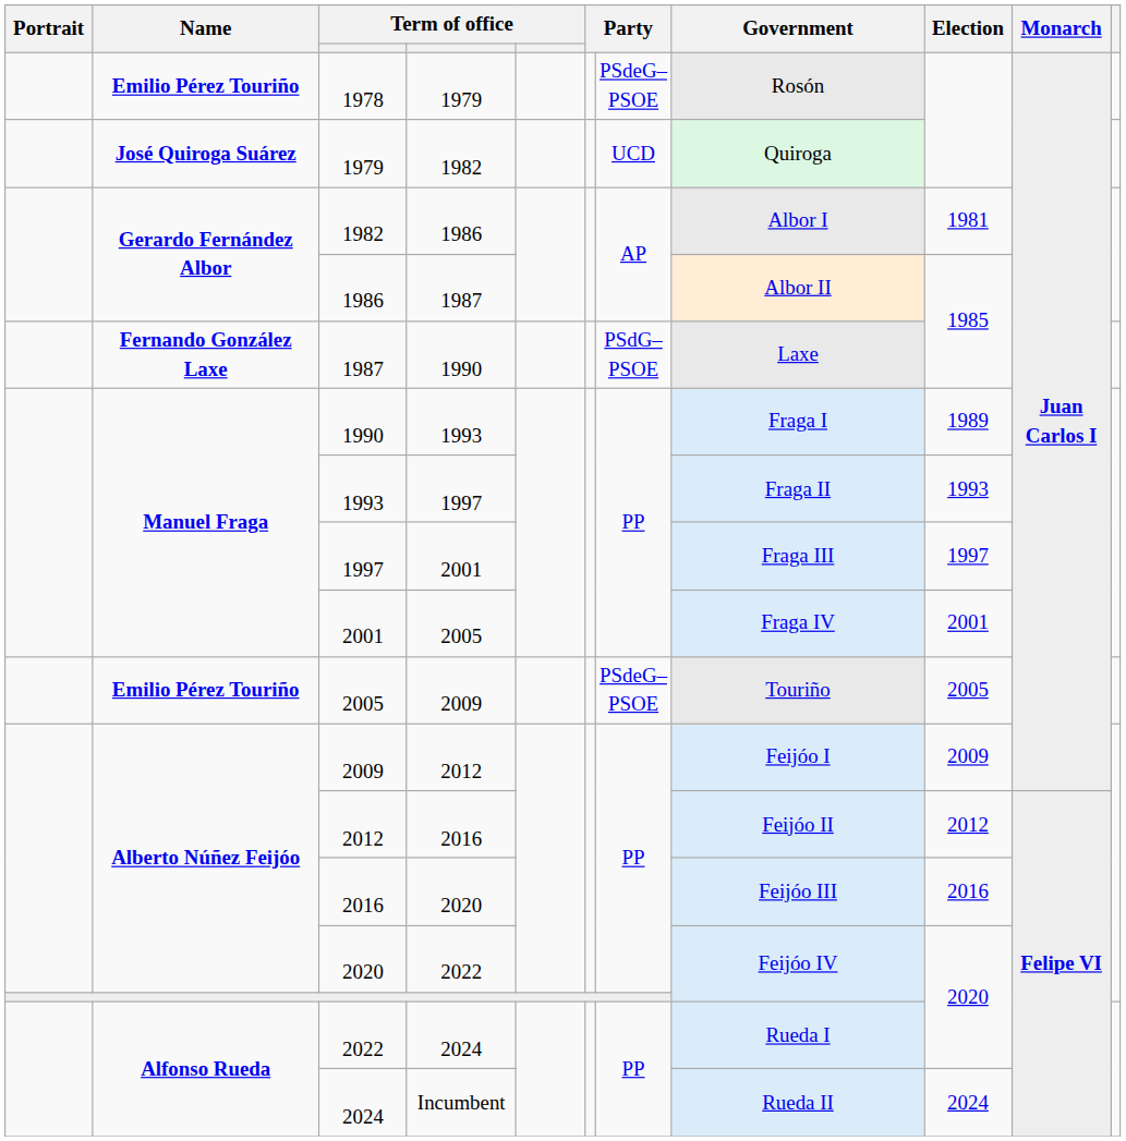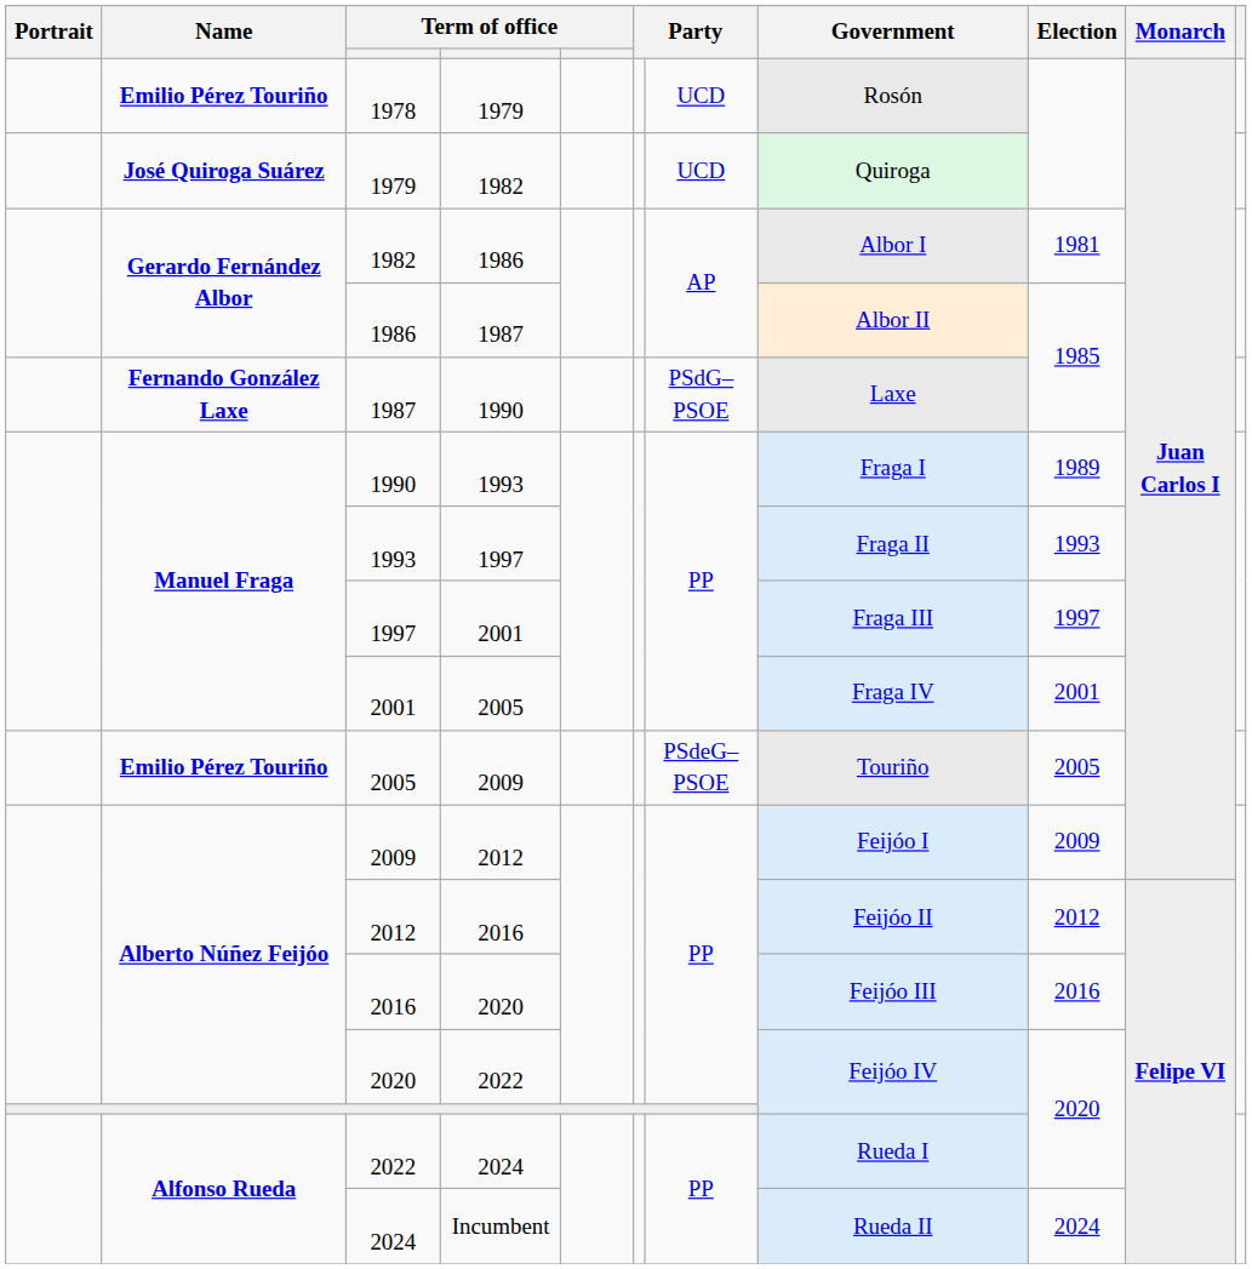 <table class="wikitable" style="line-height:1.4em; text-align:center; border:1px #aaf solid;">
 <tr>
 <th rowspan="2" width="65">Portrait</th>
 <th rowspan="2" width="250">Name<br></th>
 <th colspan="3">Term of office</th>
 <th rowspan="2" colspan="2" width="90">Party</th>
 <th rowspan="2" width="275">Government<br></th>
 <th rowspan="2" width="65">Election</th>
 <th rowspan="2" width="75"><a href='#'>Monarch</a><br></th>
 <th rowspan="2"></th>
 </tr>
 <tr>
 <th width="85"></th>
 <th width="85"></th>
 <th width="85"></th>
 </tr>
 <tr>
 <td width="65"></td>
 <td><strong><a href='#'>Emilio Pérez Touriño</a></strong><br></td>
 <td class="nowrap"><br>1978</td>
 <td class="nowrap"><br>1979</td>
 <td style="font-size:95%;"></td>
 <td width="1" style="color:inherit;background:"></td>
-<td><a href='#'>PSdeG–<br>PSOE</a></td>
+<td width="90"><a href='#'>UCD</a></td>
 <td style="background:#E9E9E9;">Rosón<br></td>
 <td rowspan="2" style="color:#ccc;"></td>
 <td scope="row" style="text-align:center;" rowspan="12" bgcolor="#EEEEEE"><br><strong><a href='#'>Juan Carlos I</a></strong><br><br></td>
 <td></td>
 </tr>
 <tr>
 <td></td>
 <td><strong><a href='#'>José Quiroga Suárez</a></strong><br></td>
 <td class="nowrap"><br>1979</td>
 <td class="nowrap"><br>1982</td>
 <td style="font-size:95%;"></td>
 <td style="color:inherit;background:"></td>
 <td><a href='#'>UCD</a></td>
 <td style="background:#DCF8E3;">Quiroga<br></td>
 <td></td>
 </tr>
 <tr>
 <td rowspan="2"></td>
 <td rowspan="2"><strong><a href='#'>Gerardo Fernández Albor</a></strong><br></td>
 <td class="nowrap"><br>1982</td>
 <td class="nowrap"><br>1986</td>
 <td rowspan="2" style="font-size:95%;"></td>
 <td rowspan="2" style="color:inherit;background:"></td>
 <td rowspan="2"><a href='#'>AP</a></td>
 <td style="background:#E9E9E9;"><a href='#'>Albor I</a><br></td>
 <td><a href='#'>1981</a></td>
 <td rowspan="2"><br><br></td>
 </tr>
 <tr>
 <td class="nowrap"><br>1986</td>
 <td class="nowrap"><br>1987<br></td>
 <td style="background:#FFEED5;"><a href='#'>Albor II</a><br></td>
 <td rowspan="2"><a href='#'>1985</a></td>
 </tr>
 <tr>
 <td></td>
 <td><strong><a href='#'>Fernando González Laxe</a></strong><br></td>
 <td class="nowrap"><br>1987</td>
 <td class="nowrap"><br>1990</td>
 <td style="font-size:95%;"></td>
 <td style="color:inherit;background:"></td>
 <td><a href='#'>PSdG–<br>PSOE</a></td>
 <td style="background:#E9E9E9;"><a href='#'>Laxe</a><br></td>
 <td><br></td>
 </tr>
 <tr>
 <td rowspan="4"></td>
 <td rowspan="4"><strong><a href='#'>Manuel Fraga</a></strong><br></td>
 <td class="nowrap"><br>1990</td>
 <td class="nowrap"><br>1993</td>
 <td rowspan="4" style="font-size:95%;"></td>
 <td rowspan="4" style="color:inherit;background:"></td>
 <td rowspan="4"><a href='#'>PP</a></td>
 <td style="background:#DAECFA;"><a href='#'>Fraga I</a><br></td>
 <td><a href='#'>1989</a></td>
 <td rowspan="4"><br><br><br><br></td>
 </tr>
 <tr>
 <td class="nowrap"><br>1993</td>
 <td class="nowrap"><br>1997</td>
 <td style="background:#DAECFA;"><a href='#'>Fraga II</a><br></td>
 <td><a href='#'>1993</a></td>
 </tr>
 <tr>
 <td class="nowrap"><br>1997</td>
 <td class="nowrap"><br>2001</td>
 <td style="background:#DAECFA;"><a href='#'>Fraga III</a><br></td>
 <td><a href='#'>1997</a></td>
 </tr>
 <tr>
 <td class="nowrap"><br>2001</td>
 <td class="nowrap"><br>2005</td>
 <td style="background:#DAECFA;"><a href='#'>Fraga IV</a><br></td>
 <td><a href='#'>2001</a></td>
 </tr>
 <tr>
 <td></td>
 <td><strong><a href='#'>Emilio Pérez Touriño</a></strong><br></td>
 <td class="nowrap"><br>2005</td>
 <td class="nowrap"><br>2009</td>
 <td style="font-size:95%;"></td>
 <td style="color:inherit;background:"></td>
 <td><a href='#'>PSdeG–<br>PSOE</a></td>
 <td style="background:#E9E9E9;"><a href='#'>Touriño</a><br></td>
 <td><a href='#'>2005</a></td>
 <td><br></td>
 </tr>
 <tr>
 <td rowspan="5"></td>
 <td rowspan="5"><strong><a href='#'>Alberto Núñez Feijóo</a></strong><br></td>
 <td class="nowrap"><br>2009</td>
 <td class="nowrap"><br>2012</td>
 <td rowspan="5" style="font-size:95%;"></td>
 <td rowspan="5" style="color:inherit;background:"></td>
 <td rowspan="5"><a href='#'>PP</a></td>
 <td style="background:#DAECFA;"><a href='#'>Feijóo I</a><br></td>
 <td><a href='#'>2009</a></td>
 <td rowspan="6"><br><br><br><br></td>
 </tr>
 <tr>
 <td rowspan="2" class="nowrap"><br>2012</td>
 <td rowspan="2" class="nowrap"><br>2016</td>
 <td rowspan="2" style="background:#DAECFA;"><a href='#'>Feijóo II</a><br></td>
 <td rowspan="2"><a href='#'>2012</a></td>
 </tr>
 <tr>
 <td scope="row" style="text-align:center;" rowspan="6" bgcolor="#EEEEEE"><br><strong><a href='#'>Felipe VI</a></strong><br><br></td>
 </tr>
 <tr>
 <td class="nowrap"><br>2016</td>
 <td class="nowrap"><br>2020</td>
 <td style="background:#DAECFA;"><a href='#'>Feijóo III</a><br></td>
 <td><a href='#'>2016</a></td>
 </tr>
 <tr>
 <td class="nowrap"><br>2020</td>
 <td class="nowrap"><br>2022<br></td>
 <td rowspan="2" style="background:#DAECFA;"><a href='#'>Feijóo IV</a><br></td>
 <td rowspan="3"><a href='#'>2020</a></td>
 </tr>
 <tr>
 <td colspan="7" style="background:#EEEEEE;"></td>
 </tr>
 <tr>
 <td rowspan="2"></td>
 <td rowspan="2"><strong><a href='#'>Alfonso Rueda</a></strong><br></td>
 <td class="nowrap"><br>2022</td>
 <td class="nowrap"><br>2024</td>
 <td rowspan="2" style="font-size:95%;"></td>
 <td rowspan="2" style="color:inherit;background:"></td>
 <td rowspan="2"><a href='#'>PP</a></td>
 <td style="background:#DAECFA;"><a href='#'>Rueda I</a><br></td>
 <td rowspan="2"><br></td>
 </tr>
 <tr>
 <td class="nowrap"><br>2024</td>
 <td class="nowrap">Incumbent</td>
 <td style="background:#DAECFA;"><a href='#'>Rueda II</a><br></td>
 <td><a href='#'>2024</a></td>
 </tr>
 </table>
